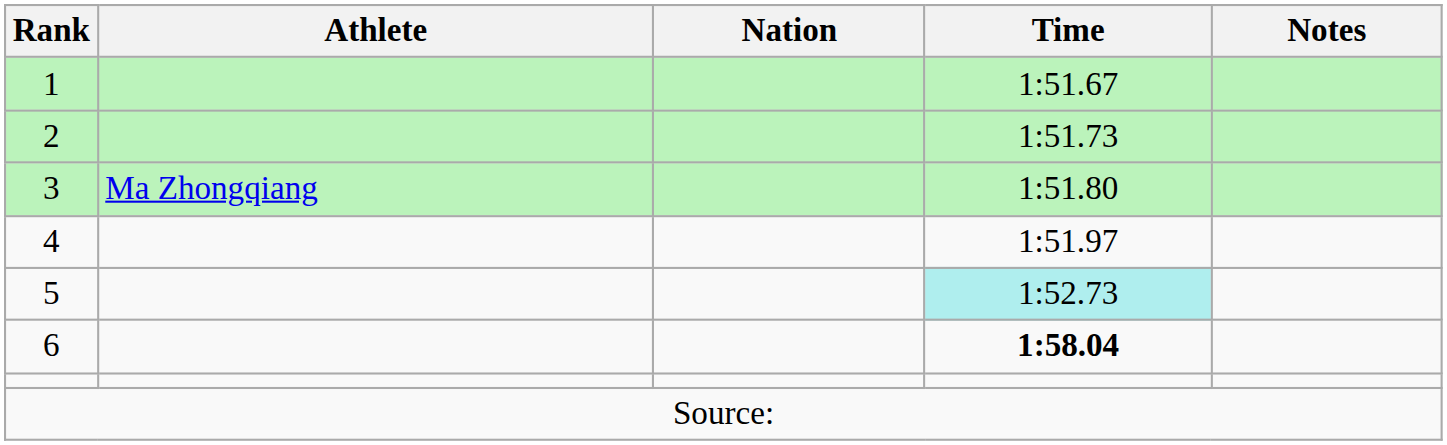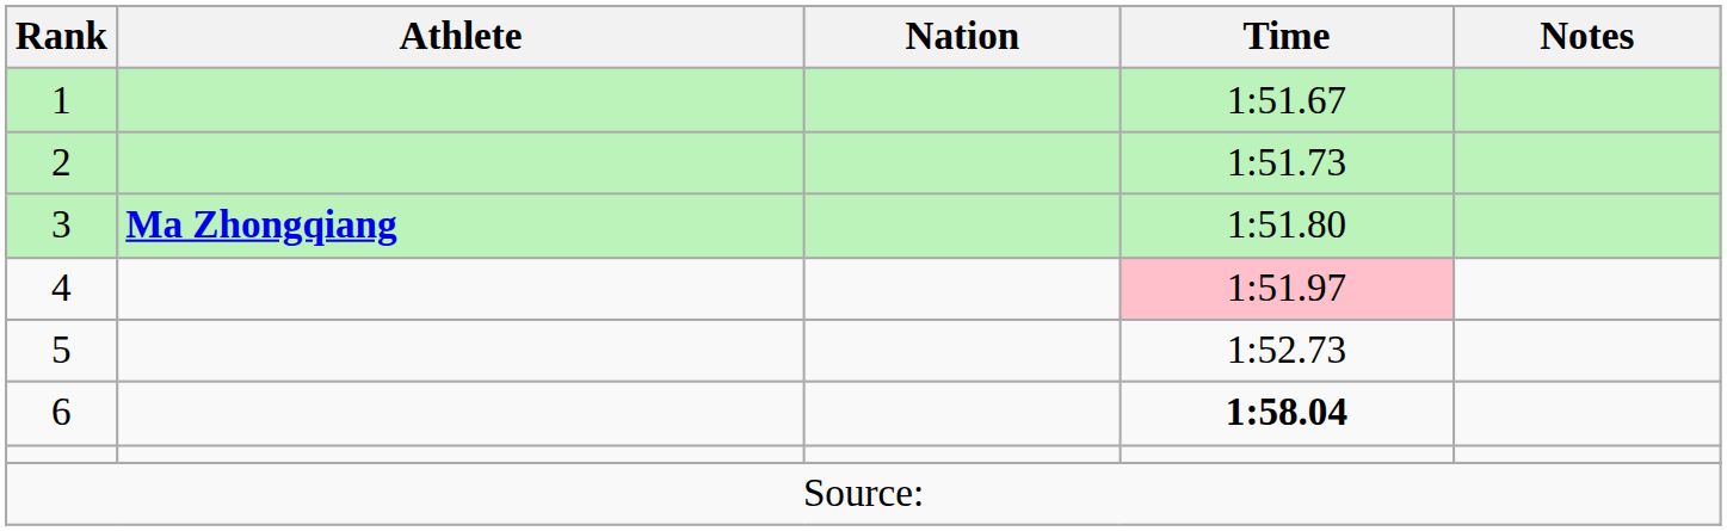 <table class="wikitable sortable" style="text-align:center;width: 55%;">
 <tr>
 <th scope="col" style="width: 10px;">Rank</th>
 <th scope="col">Athlete</th>
 <th scope="col">Nation</th>
 <th scope="col">Time</th>
 <th scope="col">Notes</th>
 </tr>
 <tr bgcolor=bbf3bb>
 <td>1</td>
 <td align=left></td>
 <td align=left></td>
 <td>1:51.67</td>
 <td></td>
 </tr>
 <tr bgcolor=bbf3bb>
 <td>2</td>
 <td align=left></td>
 <td align=left></td>
 <td>1:51.73</td>
 <td></td>
 </tr>
 <tr bgcolor=bbf3bb>
 <td>3</td>
-<td align=left><a href='#'>Ma Zhongqiang</a></td>
+<td align=left><strong><a href='#'>Ma Zhongqiang</a></strong></td>
 <td align=left></td>
 <td>1:51.80</td>
 <td></td>
 </tr>
 <tr>
 <td>4</td>
 <td align=left></td>
 <td align=left></td>
-<td>1:51.97</td>
+<td style="background: pink;">1:51.97</td>
 <td></td>
 </tr>
 <tr>
 <td>5</td>
 <td align=left></td>
 <td align=left></td>
-<td style="background: paleturquoise;">1:52.73</td>
+<td>1:52.73</td>
 <td></td>
 </tr>
 <tr>
 <td>6</td>
 <td align=left></td>
 <td align=left></td>
 <td><strong>1:58.04</strong></td>
 <td></td>
 </tr>
 <tr>
 <td></td>
 <td align=left></td>
 <td align=left></td>
 <td></td>
 <td></td>
 </tr>
 <tr class="sortbottom">
 <td colspan="5">Source:</td>
 </tr>
 </table>
